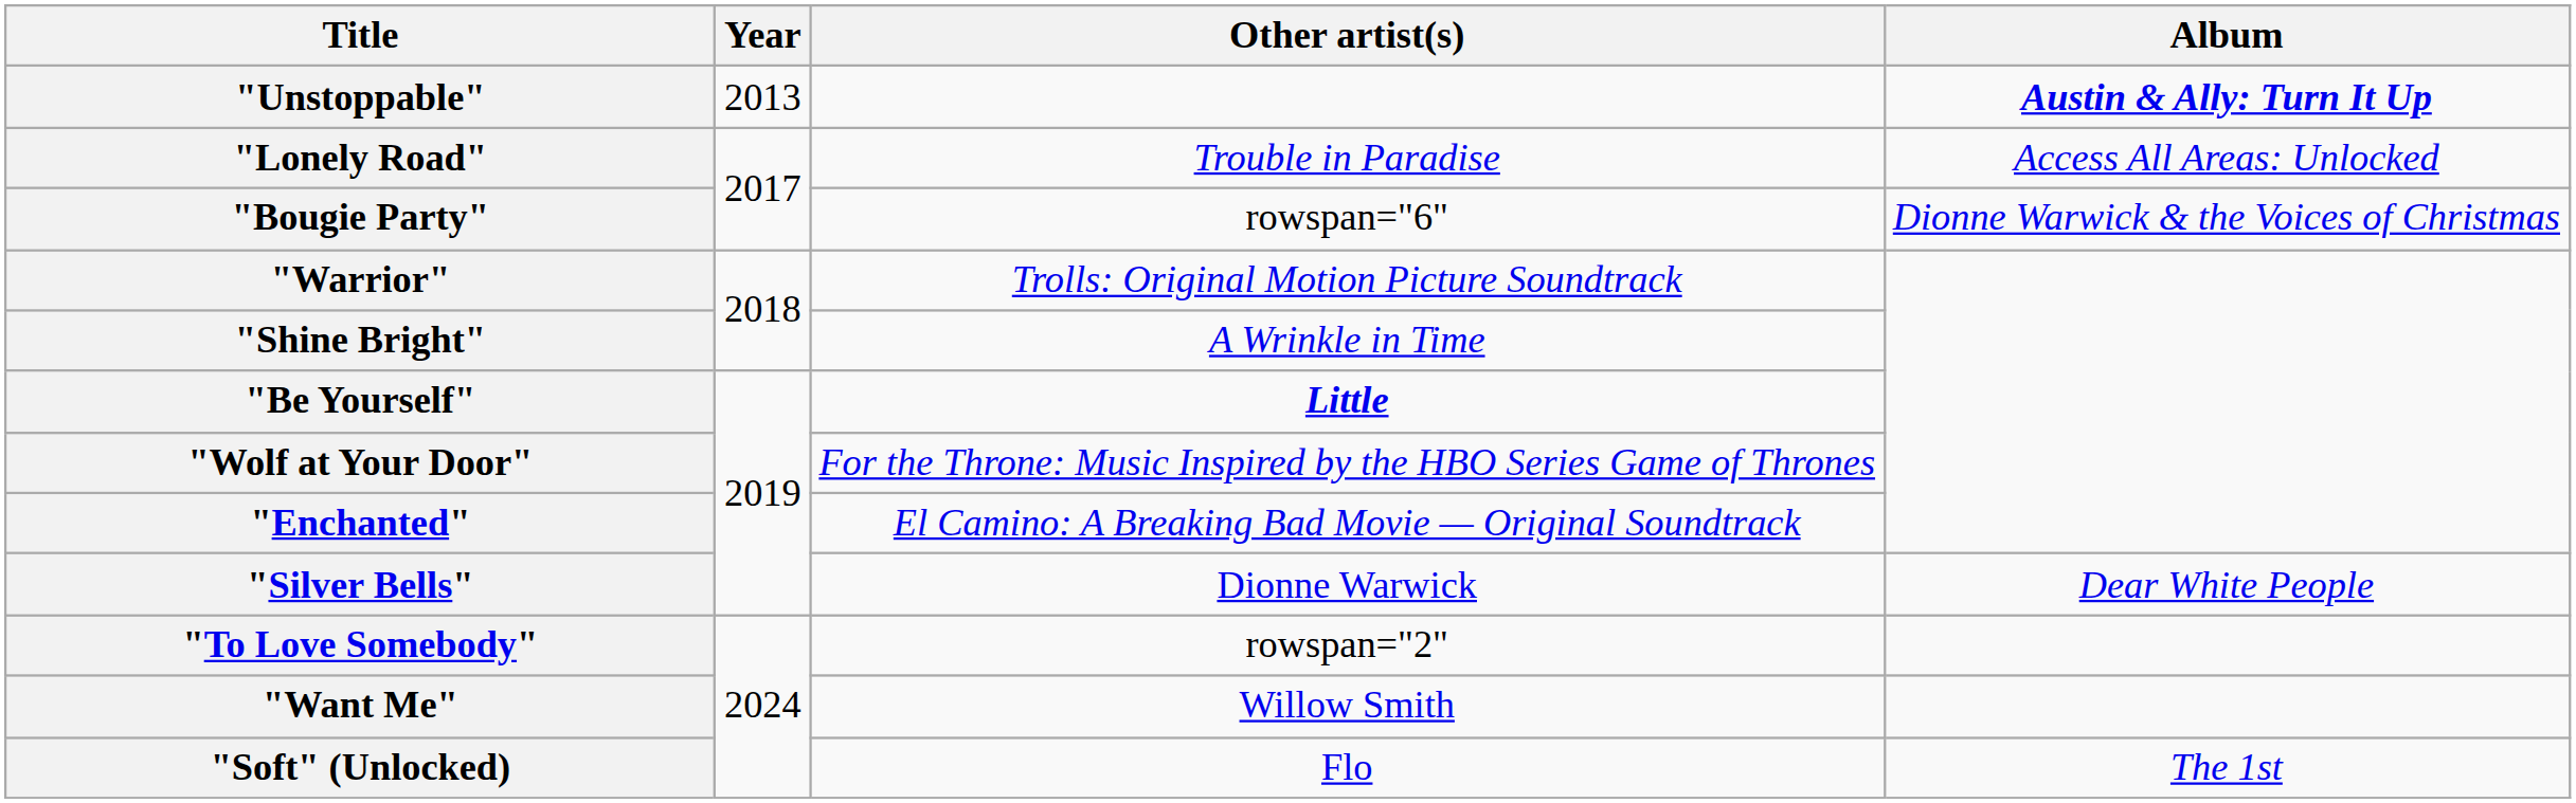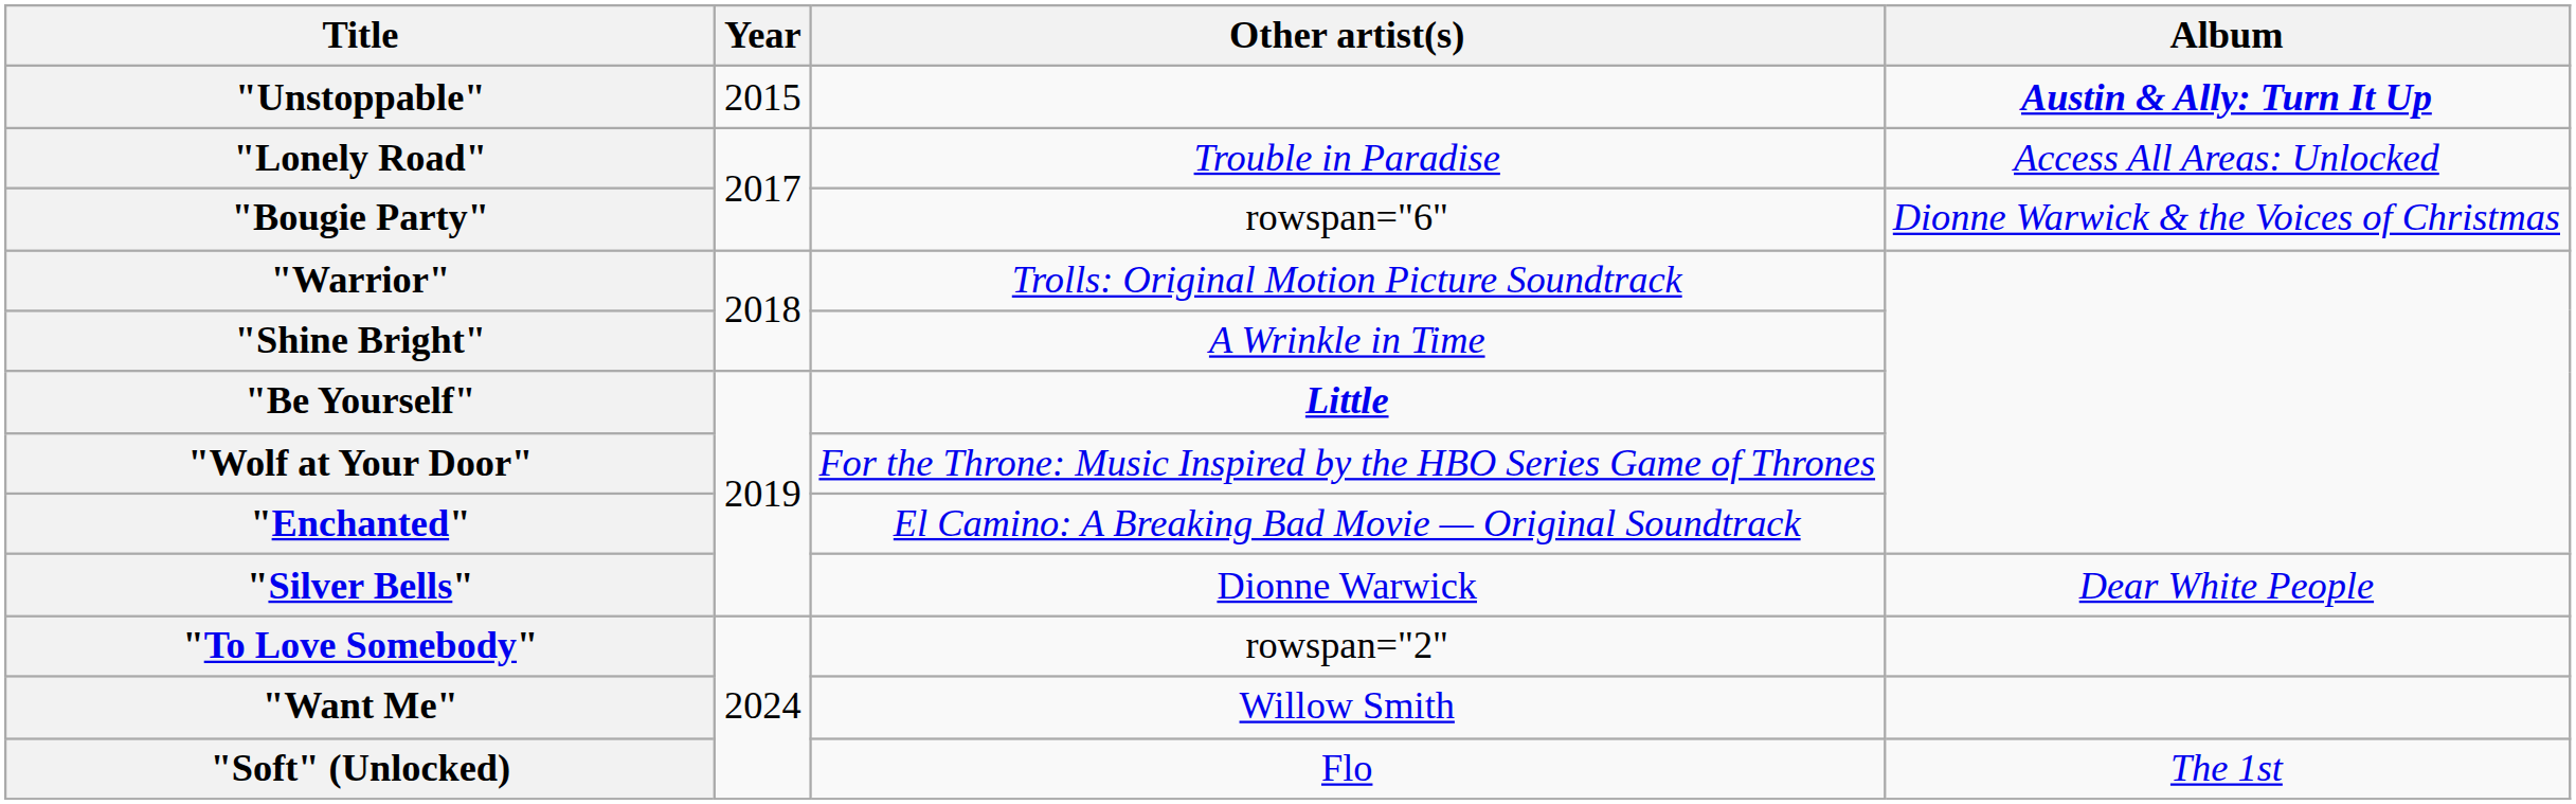 <table class="wikitable plainrowheaders" style="text-align:center;">
 <tr>
 <th scope="col" style="width:18em;">Title</th>
 <th>Year</th>
 <th scope="col">Other artist(s)</th>
 <th scope="col">Album</th>
 </tr>
 <tr>
 <th scope="row">"Unstoppable"</th>
-<td>2013</td>
+<td>2015</td>
 <td></td>
 <td><strong><em><a href='#'>Austin & Ally: Turn It Up</a></em></strong></td>
 </tr>
 <tr>
 <th scope="row">"Lonely Road"</th>
 <td rowspan="2">2017</td>
 <td><em><a href='#'>Trouble in Paradise</a></em></td>
 <td><em><a href='#'>Access All Areas: Unlocked</a></em></td>
 </tr>
 <tr>
 <th scope="row">"Bougie Party"</th>
 <td>rowspan="6" </td>
 <td><em><a href='#'>Dionne Warwick & the Voices of Christmas</a></em></td>
 </tr>
 <tr>
 <th scope="row">"Warrior"</th>
 <td rowspan="2">2018</td>
 <td><em><a href='#'>Trolls: Original Motion Picture Soundtrack</a></em></td>
 </tr>
 <tr>
 <th scope="row">"Shine Bright"</th>
 <td><em><a href='#'>A Wrinkle in Time</a></em></td>
 </tr>
 <tr>
 <th scope="row">"Be Yourself"</th>
 <td rowspan="4">2019</td>
 <td><strong><em><a href='#'>Little</a></em></strong></td>
 </tr>
 <tr>
 <th scope="row">"Wolf at Your Door"</th>
 <td><em><a href='#'>For the Throne: Music Inspired by the HBO Series Game of Thrones</a></em></td>
 </tr>
 <tr>
 <th scope="row">"<a href='#'>Enchanted</a>"</th>
 <td><em><a href='#'>El Camino: A Breaking Bad Movie — Original Soundtrack</a></em></td>
 </tr>
 <tr>
 <th scope="row">"<a href='#'>Silver Bells</a>"</th>
 <td><a href='#'>Dionne Warwick</a></td>
 <td><em><a href='#'>Dear White People</a></em></td>
 </tr>
 <tr>
 <th scope="row">"<a href='#'>To Love Somebody</a>"</th>
 <td rowspan="3">2024</td>
 <td>rowspan="2" </td>
 <td></td>
 </tr>
 <tr>
 <th scope="row">"Want Me"</th>
 <td><a href='#'>Willow Smith</a></td>
 </tr>
 <tr>
 <th scope="row">"Soft" (Unlocked)</th>
 <td><a href='#'>Flo</a></td>
 <td><em><a href='#'>The 1st</a></em></td>
 </tr>
 </table>
